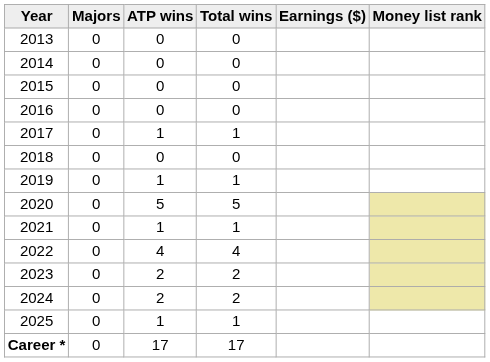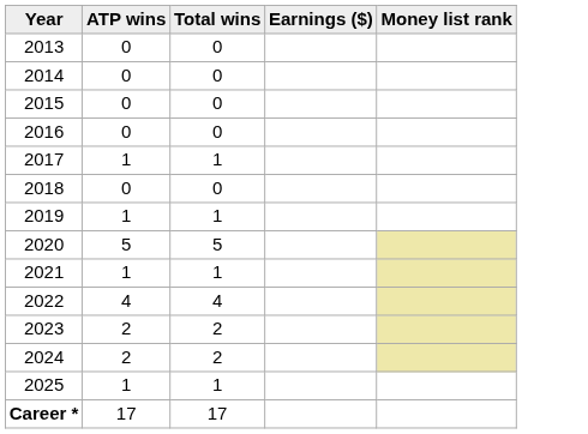 <table cellpadding=3 cellspacing=0 border=1 style=font-size:100%;border:#aaa;solid:1px;border-collapse:collapse;text-align:center>
 <tr bgcolor=EEEEEE>
 <th>Year</th>
-<th>Majors</th>
 <th>ATP wins</th>
 <th>Total wins</th>
 <th>Earnings ($)</th>
 <th>Money list rank</th>
 </tr>
 <tr>
 <td>2013</td>
 <td>0</td>
 <td>0</td>
-<td>0</td>
 <td align=right></td>
 <td></td>
 </tr>
 <tr>
 <td>2014</td>
-<td>0</td>
 <td>0</td>
 <td>0</td>
 <td align=right></td>
 <td></td>
 </tr>
 <tr>
 <td>2015</td>
 <td>0</td>
 <td>0</td>
-<td>0</td>
 <td align=right></td>
 <td></td>
 </tr>
 <tr>
 <td>2016</td>
 <td>0</td>
 <td>0</td>
-<td>0</td>
 <td align=right></td>
 <td></td>
 </tr>
 <tr>
 <td>2017</td>
-<td>0</td>
 <td>1</td>
 <td>1</td>
 <td align=right></td>
 <td></td>
 </tr>
 <tr>
 <td>2018</td>
 <td>0</td>
 <td>0</td>
-<td>0</td>
 <td align=right></td>
 <td></td>
 </tr>
 <tr>
 <td>2019</td>
-<td>0</td>
 <td>1</td>
 <td>1</td>
 <td align=right></td>
 <td></td>
 </tr>
 <tr>
 <td>2020</td>
-<td>0</td>
 <td>5</td>
 <td>5</td>
 <td align=right></td>
 <td style=background:#eee8aa></td>
 </tr>
 <tr>
 <td>2021</td>
-<td>0</td>
 <td>1</td>
 <td>1</td>
 <td align=right></td>
 <td bgcolor=EEE8AA></td>
 </tr>
 <tr>
 <td>2022</td>
-<td>0</td>
 <td>4</td>
 <td>4</td>
 <td align=right></td>
 <td bgcolor=EEE8AA></td>
 </tr>
 <tr>
 <td>2023</td>
-<td>0</td>
 <td>2</td>
 <td>2</td>
 <td></td>
 <td style=background:#eee8aa></td>
 </tr>
 <tr>
 <td>2024</td>
-<td>0</td>
 <td>2</td>
 <td>2</td>
 <td></td>
 <td style=background:#eee8aa></td>
 </tr>
 <tr>
 <td>2025</td>
-<td>0</td>
 <td>1</td>
 <td>1</td>
 <td></td>
 <td></td>
 </tr>
 <tr>
 <td><strong>Career *</strong></td>
-<td>0</td>
 <td>17</td>
 <td>17</td>
 <th></th>
 <th></th>
 </tr>
 </table>
